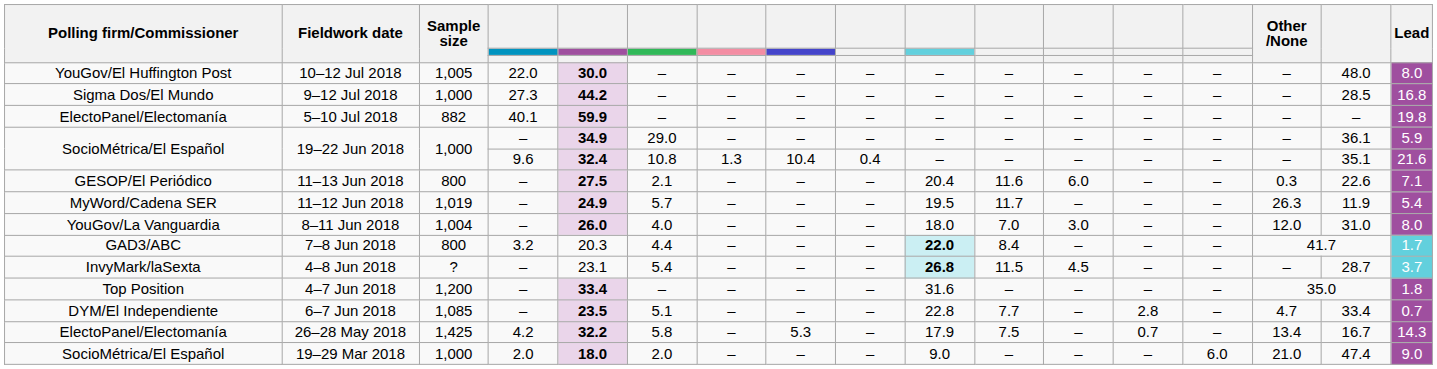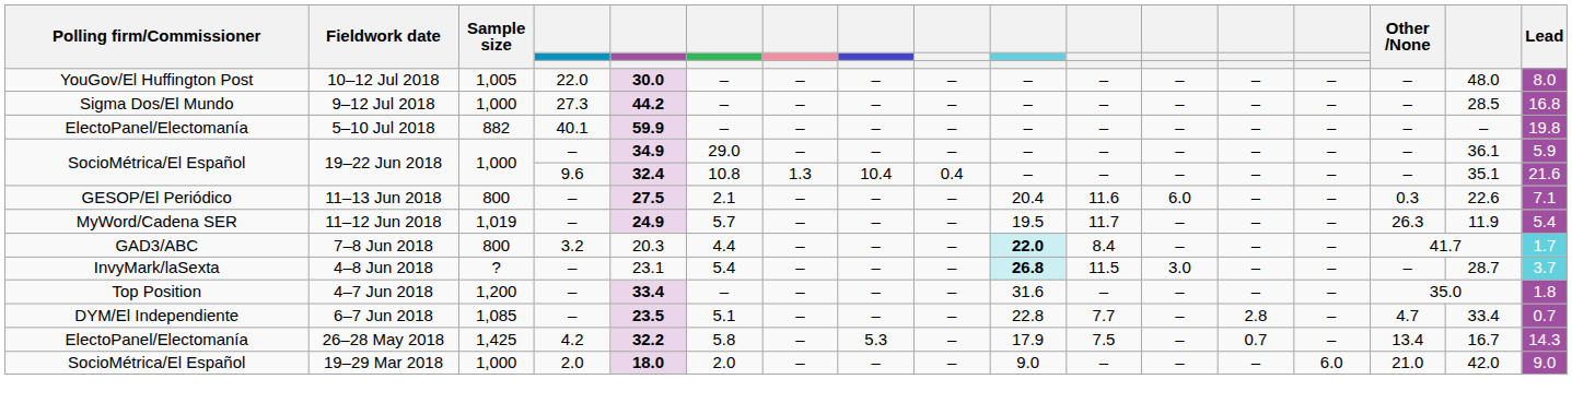 <table class="wikitable collapsible collapsed" style="text-align:center; font-size:90%; line-height:14px;">
 <tr style="height:42px;">
 <th style="width:260px;" rowspan="3">Polling firm/Commissioner</th>
 <th style="width:125px;" rowspan="3">Fieldwork date</th>
 <th style="width:60px;" rowspan="3">Sample size</th>
 <th style="width:60px;"></th>
 <th style="width:60px;"></th>
 <th style="width:60px;"></th>
 <th style="width:60px;"></th>
 <th style="width:60px;"></th>
 <th style="width:60px;"></th>
 <th style="width:60px;"></th>
 <th style="width:60px;"></th>
 <th style="width:60px;"></th>
 <th style="width:60px;"></th>
 <th style="width:60px;"></th>
 <th style="width:60px;" rowspan="3">Other<br>/None</th>
 <th style="width:60px;" rowspan="3"></th>
 <th style="width:30px;" rowspan="3">Lead</th>
 </tr>
 <tr>
 <th style="color:inherit;background:#0093BF;"></th>
 <th style="color:inherit;background:#9F4F9F;"></th>
 <th style="color:inherit;background:#30B858;"></th>
 <th style="color:inherit;background:#F38DA3;"></th>
 <th style="color:inherit;background:#4444CA;"></th>
 <th style="color:inherit;background:"></th>
 <th style="color:inherit;background:#62D0DD;"></th>
 <th style="color:inherit;background:"></th>
 <th style="color:inherit;background:"></th>
 <th style="color:inherit;background:"></th>
 <th style="color:inherit;background:"></th>
 </tr>
 <tr>
 <th></th>
 <th></th>
 <th></th>
 <th></th>
 <th></th>
 <th></th>
 <th></th>
 <th></th>
 <th></th>
 <th></th>
 <th></th>
 </tr>
 <tr>
 <td>YouGov/El Huffington Post</td>
 <td>10–12 Jul 2018</td>
 <td>1,005</td>
 <td>22.0</td>
 <td style="color:inherit;background:#EAD5EA;"><strong>30.0</strong></td>
 <td>–</td>
 <td>–</td>
 <td>–</td>
 <td>–</td>
 <td>–</td>
 <td>–</td>
 <td>–</td>
 <td>–</td>
 <td>–</td>
 <td>–</td>
 <td>48.0</td>
 <td style="color:inherit;background:#9F4F9F; color:white;">8.0</td>
 </tr>
 <tr>
 <td>Sigma Dos/El Mundo</td>
 <td>9–12 Jul 2018</td>
 <td>1,000</td>
 <td>27.3</td>
 <td style="color:inherit;background:#EAD5EA;"><strong>44.2</strong></td>
 <td>–</td>
 <td>–</td>
 <td>–</td>
 <td>–</td>
 <td>–</td>
 <td>–</td>
 <td>–</td>
 <td>–</td>
 <td>–</td>
 <td>–</td>
 <td>28.5</td>
 <td style="color:inherit;background:#9F4F9F; color:white;">16.8</td>
 </tr>
 <tr>
 <td>ElectoPanel/Electomanía</td>
 <td>5–10 Jul 2018</td>
 <td>882</td>
 <td>40.1</td>
 <td style="color:inherit;background:#EAD5EA;"><strong>59.9</strong></td>
 <td>–</td>
 <td>–</td>
 <td>–</td>
 <td>–</td>
 <td>–</td>
 <td>–</td>
 <td>–</td>
 <td>–</td>
 <td>–</td>
 <td>–</td>
 <td>–</td>
 <td style="color:inherit;background:#9F4F9F; color:white;">19.8</td>
 </tr>
 <tr>
 <td rowspan="2">SocioMétrica/El Español</td>
 <td rowspan="2">19–22 Jun 2018</td>
 <td rowspan="2">1,000</td>
 <td>–</td>
 <td style="color:inherit;background:#EAD5EA;"><strong>34.9</strong></td>
 <td>29.0</td>
 <td>–</td>
 <td>–</td>
 <td>–</td>
 <td>–</td>
 <td>–</td>
 <td>–</td>
 <td>–</td>
 <td>–</td>
 <td>–</td>
 <td>36.1</td>
 <td style="color:inherit;background:#9F4F9F; color:white;">5.9</td>
 </tr>
 <tr>
 <td>9.6</td>
 <td style="color:inherit;background:#EAD5EA;"><strong>32.4</strong></td>
 <td>10.8</td>
 <td>1.3</td>
 <td>10.4</td>
 <td>0.4</td>
 <td>–</td>
 <td>–</td>
 <td>–</td>
 <td>–</td>
 <td>–</td>
 <td>–</td>
 <td>35.1</td>
 <td style="color:inherit;background:#9F4F9F; color:white;">21.6</td>
 </tr>
 <tr>
 <td>GESOP/El Periódico</td>
 <td>11–13 Jun 2018</td>
 <td>800</td>
 <td>–</td>
 <td style="color:inherit;background:#EAD5EA;"><strong>27.5</strong></td>
 <td>2.1</td>
 <td>–</td>
 <td>–</td>
 <td>–</td>
 <td>20.4</td>
 <td>11.6</td>
 <td>6.0</td>
 <td>–</td>
 <td>–</td>
 <td>0.3</td>
 <td>22.6</td>
 <td style="color:inherit;background:#9F4F9F; color:white;">7.1</td>
 </tr>
 <tr>
 <td>MyWord/Cadena SER</td>
 <td>11–12 Jun 2018</td>
 <td>1,019</td>
 <td>–</td>
 <td style="color:inherit;background:#EAD5EA;"><strong>24.9</strong></td>
 <td>5.7</td>
 <td>–</td>
 <td>–</td>
 <td>–</td>
 <td>19.5</td>
 <td>11.7</td>
 <td>–</td>
 <td>–</td>
 <td>–</td>
 <td>26.3</td>
 <td>11.9</td>
 <td style="color:inherit;background:#9F4F9F; color:white;">5.4</td>
 </tr>
 <tr>
-<td>YouGov/La Vanguardia</td>
-<td>8–11 Jun 2018</td>
-<td>1,004</td>
-<td>–</td>
-<td style="color:inherit;background:#EAD5EA;"><strong>26.0</strong></td>
-<td>4.0</td>
-<td>–</td>
-<td>–</td>
-<td>–</td>
-<td>18.0</td>
-<td>7.0</td>
-<td>3.0</td>
-<td>–</td>
-<td>–</td>
-<td>12.0</td>
-<td>31.0</td>
-<td style="color:inherit;background:#9F4F9F; color:white;">8.0</td>
-</tr>
-<tr>
 <td>GAD3/ABC</td>
 <td>7–8 Jun 2018</td>
 <td>800</td>
 <td>3.2</td>
 <td>20.3</td>
 <td>4.4</td>
 <td>–</td>
 <td>–</td>
 <td>–</td>
 <td style="color:inherit;background:#CBEFF3;"><strong>22.0</strong></td>
 <td>8.4</td>
 <td>–</td>
 <td>–</td>
 <td>–</td>
 <td colspan="2">41.7</td>
 <td style="color:inherit;background:#62D0DD; color:white;">1.7</td>
 </tr>
 <tr>
 <td>InvyMark/laSexta</td>
 <td>4–8 Jun 2018</td>
 <td>?</td>
 <td>–</td>
 <td>23.1</td>
 <td>5.4</td>
 <td>–</td>
 <td>–</td>
 <td>–</td>
 <td style="color:inherit;background:#CBEFF3;"><strong>26.8</strong></td>
 <td>11.5</td>
-<td>4.5</td>
+<td>3.0</td>
 <td>–</td>
 <td>–</td>
 <td>–</td>
 <td>28.7</td>
 <td style="color:inherit;background:#62D0DD; color:white;">3.7</td>
 </tr>
 <tr>
 <td>Top Position</td>
 <td>4–7 Jun 2018</td>
 <td>1,200</td>
 <td>–</td>
 <td style="color:inherit;background:#EAD5EA;"><strong>33.4</strong></td>
 <td>–</td>
 <td>–</td>
 <td>–</td>
 <td>–</td>
 <td>31.6</td>
 <td>–</td>
 <td>–</td>
 <td>–</td>
 <td>–</td>
 <td colspan="2">35.0</td>
 <td style="color:inherit;background:#9F4F9F; color:white;">1.8</td>
 </tr>
 <tr>
 <td>DYM/El Independiente</td>
 <td>6–7 Jun 2018</td>
 <td>1,085</td>
 <td>–</td>
 <td style="color:inherit;background:#EAD5EA;"><strong>23.5</strong></td>
 <td>5.1</td>
 <td>–</td>
 <td>–</td>
 <td>–</td>
 <td>22.8</td>
 <td>7.7</td>
 <td>–</td>
 <td>2.8</td>
 <td>–</td>
 <td>4.7</td>
 <td>33.4</td>
 <td style="color:inherit;background:#9F4F9F; color:white;">0.7</td>
 </tr>
 <tr>
 <td>ElectoPanel/Electomanía</td>
 <td>26–28 May 2018</td>
 <td>1,425</td>
 <td>4.2</td>
 <td style="color:inherit;background:#EAD5EA;"><strong>32.2</strong></td>
 <td>5.8</td>
 <td>–</td>
 <td>5.3</td>
 <td>–</td>
 <td>17.9</td>
 <td>7.5</td>
 <td>–</td>
 <td>0.7</td>
 <td>–</td>
 <td>13.4</td>
 <td>16.7</td>
 <td style="color:inherit;background:#9F4F9F; color:white;">14.3</td>
 </tr>
 <tr>
 <td>SocioMétrica/El Español</td>
 <td>19–29 Mar 2018</td>
 <td>1,000</td>
 <td>2.0</td>
 <td style="color:inherit;background:#EAD5EA;"><strong>18.0</strong></td>
 <td>2.0</td>
 <td>–</td>
 <td>–</td>
 <td>–</td>
 <td>9.0</td>
 <td>–</td>
 <td>–</td>
 <td>–</td>
 <td>6.0</td>
 <td>21.0</td>
-<td>47.4</td>
+<td>42.0</td>
 <td style="color:inherit;background:#9F4F9F; color:white;">9.0</td>
 </tr>
 </table>
